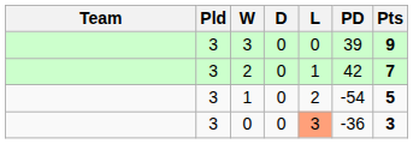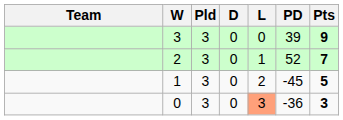 <table class="wikitable" style="text-align:center">
 <tr>
 <th width=175>Team</th>
+<th width=25 abbr="Won">W</th>
 <th width=25 abbr="Played">Pld</th>
-<th width=25 abbr="Won">W</th>
 <th width=25 abbr="Drawn">D</th>
 <th width=25 abbr="Lost">L</th>
 <th width=32 abbr="Points difference">PD</th>
 <th width=25 abbr="Points">Pts</th>
 </tr>
 <tr style="background:#cfc">
 <td align=left></td>
 <td>3</td>
 <td>3</td>
 <td>0</td>
 <td>0</td>
 <td>39</td>
 <td><strong>9</strong></td>
 </tr>
 <tr style="background:#cfc">
 <td align=left></td>
+<td>2</td>
 <td>3</td>
-<td>2</td>
 <td>0</td>
 <td>1</td>
-<td>42</td>
+<td>52</td>
 <td><strong>7</strong></td>
 </tr>
 <tr>
 <td align=left></td>
+<td>1</td>
 <td>3</td>
-<td>1</td>
 <td>0</td>
 <td>2</td>
-<td>-54</td>
+<td>-45</td>
 <td><strong>5</strong></td>
 </tr>
 <tr>
 <td align=left></td>
+<td>0</td>
 <td>3</td>
-<td>0</td>
 <td>0</td>
 <td style="background: lightsalmon;">3</td>
 <td>-36</td>
 <td><strong>3</strong></td>
 </tr>
 </table>
